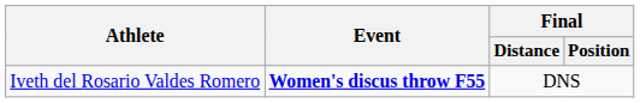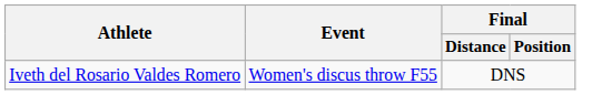 <table class=wikitable style="font-size:90%">
 <tr>
 <th rowspan="2">Athlete</th>
 <th rowspan="2">Event</th>
 <th colspan="2">Final</th>
 </tr>
 <tr style="font-size:95%">
 <th>Distance</th>
 <th>Position</th>
 </tr>
 <tr align=center>
 <td align=left><a href='#'>Iveth del Rosario Valdes Romero</a></td>
-<td align=left><strong><a href='#'>Women's discus throw F55</a></strong></td>
+<td align=left><a href='#'>Women's discus throw F55</a></td>
 <td colspan=2>DNS</td>
 </tr>
 </table>
